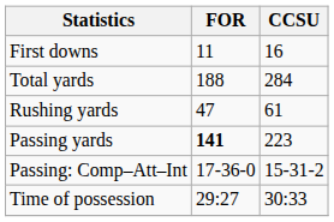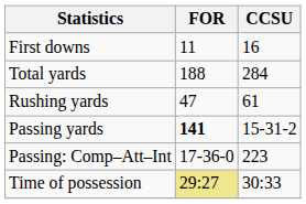 <table class="wikitable" style="float: left;">
 <tr>
 <th>Statistics</th>
 <th>FOR</th>
 <th>CCSU</th>
 </tr>
 <tr>
 <td>First downs</td>
 <td>11</td>
 <td>16</td>
 </tr>
 <tr>
 <td>Total yards</td>
 <td>188</td>
 <td>284</td>
 </tr>
 <tr>
 <td>Rushing yards</td>
 <td>47</td>
 <td>61</td>
 </tr>
 <tr>
 <td>Passing yards</td>
 <td><strong>141</strong></td>
-<td>223</td>
+<td>15-31-2</td>
 </tr>
 <tr>
 <td>Passing: Comp–Att–Int</td>
 <td>17-36-0</td>
-<td>15-31-2</td>
+<td>223</td>
 </tr>
 <tr>
 <td>Time of possession</td>
-<td>29:27</td>
+<td style="background: khaki;">29:27</td>
 <td>30:33</td>
 </tr>
 <tr>
 </tr>
 </table>
